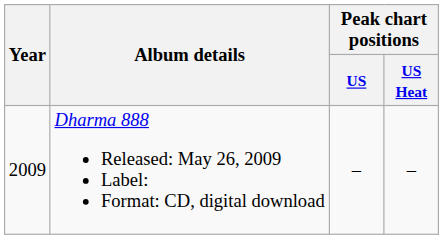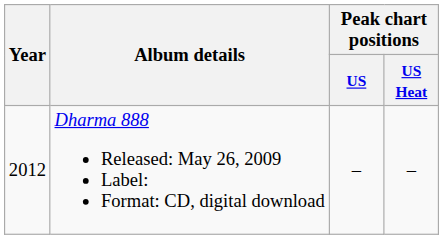 <table class="wikitable">
 <tr>
 <th rowspan="2">Year</th>
 <th rowspan="2">Album details</th>
 <th colspan="2">Peak chart positions</th>
 </tr>
 <tr>
 <th width="40"><small><a href='#'>US</a></small></th>
 <th width="40"><small><a href='#'>US Heat</a></small></th>
 </tr>
 <tr>
-<td>2009</td>
+<td>2012</td>
 <td><em><a href='#'>Dharma 888</a></em><br><ul><li>Released: May 26, 2009</li><li>Label:</li><li>Format: CD, digital download</li></ul></td>
 <td style="text-align:center;">–</td>
 <td style="text-align:center;">–</td>
 </tr>
 </table>
